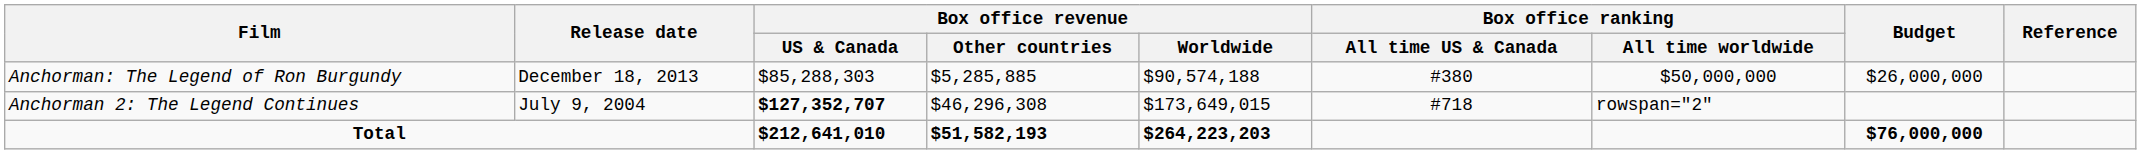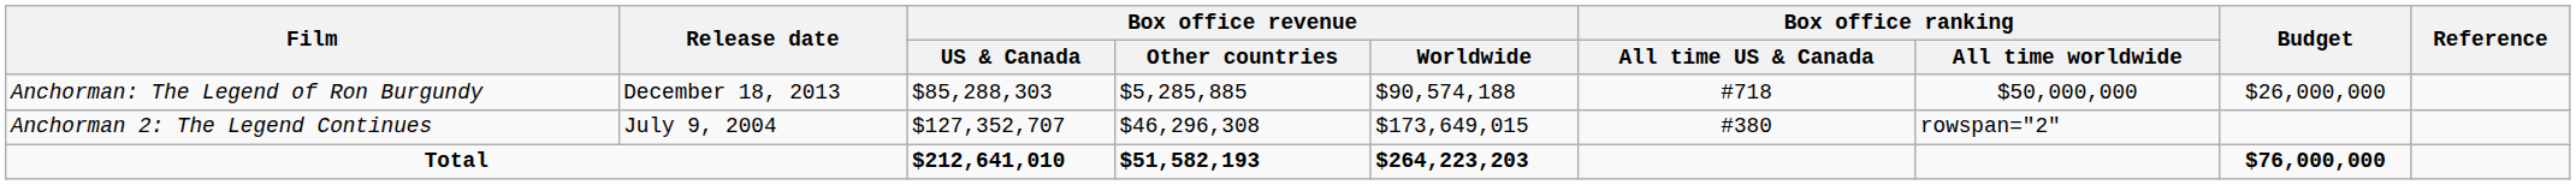 <table class="wikitable" style="width:99%;">
 <tr>
 <th rowspan="2" style="text-align:center;"><strong>Film</strong></th>
 <th rowspan="2" style="text-align:center;"><strong>Release date</strong></th>
 <th colspan="3" style="text-align:center;"><strong>Box office revenue</strong></th>
 <th colspan="2" style="text-align:center;"><strong>Box office ranking</strong></th>
 <th rowspan="2" style="text-align:center;"><strong>Budget</strong></th>
 <th rowspan="2" style="text-align:center;"><strong>Reference</strong></th>
 </tr>
 <tr>
 <th style="text-align:center;"><strong>US & Canada</strong></th>
 <th style="text-align:center;"><strong>Other countries</strong></th>
 <th style="text-align:center;"><strong>Worldwide</strong></th>
 <th style="text-align:center;"><strong>All time US & Canada</strong></th>
 <th style="text-align:center;"><strong>All time worldwide</strong></th>
 </tr>
 <tr>
 <td><em>Anchorman: The Legend of Ron Burgundy</em></td>
 <td>December 18, 2013</td>
 <td>$85,288,303</td>
 <td>$5,285,885</td>
 <td>$90,574,188</td>
-<td style="text-align:center;">#380</td>
+<td style="text-align:center;">#718</td>
 <td style="text-align:center;">$50,000,000</td>
 <td style="text-align:center;">$26,000,000</td>
 <td style="text-align:center;"></td>
 </tr>
 <tr>
 <td><em>Anchorman 2: The Legend Continues</em></td>
 <td>July 9, 2004</td>
-<td><strong>$127,352,707</strong></td>
+<td>$127,352,707</td>
 <td>$46,296,308</td>
 <td>$173,649,015</td>
-<td style="text-align:center;">#718</td>
+<td style="text-align:center;">#380</td>
 <td>rowspan="2" </td>
 <td style="text-align:center;"></td>
 </tr>
 <tr>
 <td colspan="2" style="text-align:center;"><strong>Total</strong></td>
 <td><strong>$212,641,010</strong></td>
 <td><strong>$51,582,193</strong></td>
 <td><strong>$264,223,203</strong></td>
 <td></td>
 <td></td>
 <td style="text-align:center;"><strong>$76,000,000</strong></td>
 <td></td>
 </tr>
 </table>
